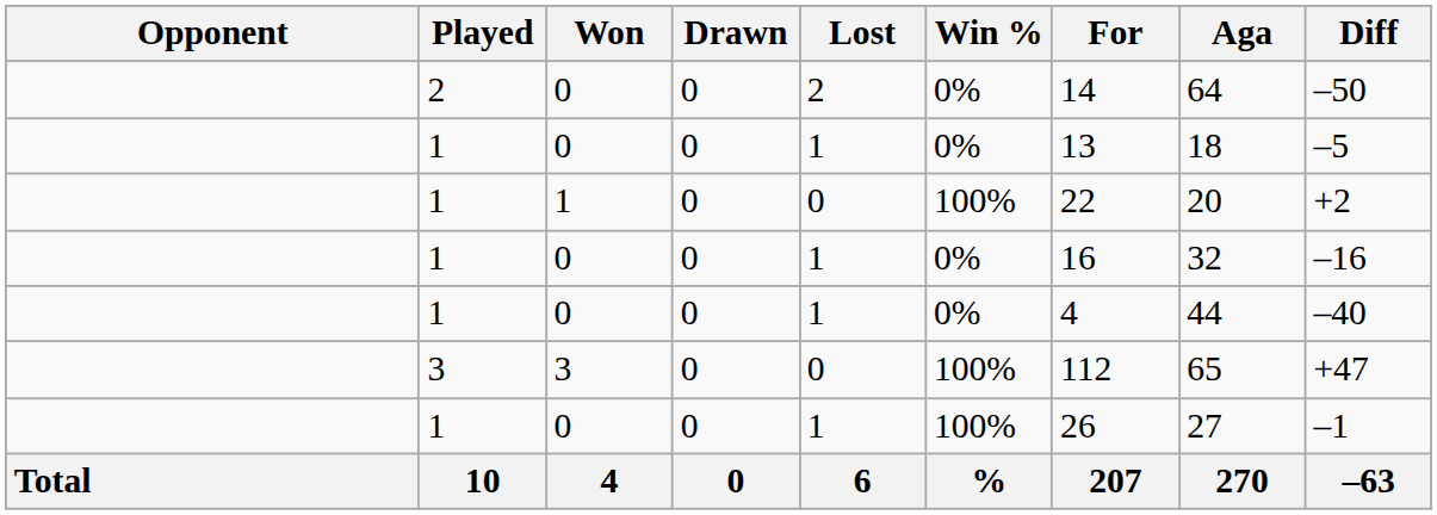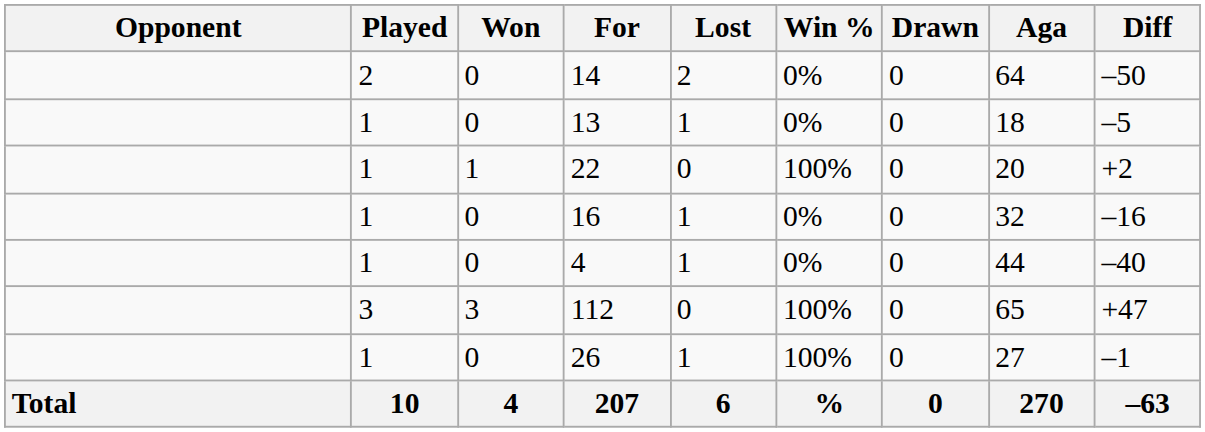 <table class="wikitable sortable" style="font-size:100%">
 <tr>
 <th style="width:180px;">Opponent</th>
 <th style="width:50px;">Played</th>
 <th style="width:50px;">Won</th>
-<th style="width:50px;">Drawn</th>
+<th style="width:50px;">For</th>
 <th style="width:50px;">Lost</th>
 <th style="width:50px;">Win %</th>
-<th style="width:50px;">For</th>
+<th style="width:50px;">Drawn</th>
 <th style="width:50px;">Aga</th>
 <th style="width:50px;">Diff</th>
 </tr>
 <tr>
 <td style="text-align:left;"></td>
 <td>2</td>
 <td>0</td>
-<td>0</td>
+<td>14</td>
 <td>2</td>
 <td>0%</td>
-<td>14</td>
+<td>0</td>
 <td>64</td>
 <td>–50</td>
 </tr>
 <tr>
 <td style="text-align:left;"></td>
 <td>1</td>
 <td>0</td>
-<td>0</td>
+<td>13</td>
 <td>1</td>
 <td>0%</td>
-<td>13</td>
+<td>0</td>
 <td>18</td>
 <td>–5</td>
 </tr>
 <tr>
 <td style="text-align:left;"></td>
 <td>1</td>
 <td>1</td>
-<td>0</td>
+<td>22</td>
 <td>0</td>
 <td>100%</td>
-<td>22</td>
+<td>0</td>
 <td>20</td>
 <td>+2</td>
 </tr>
 <tr>
 <td style="text-align:left;"></td>
 <td>1</td>
 <td>0</td>
-<td>0</td>
+<td>16</td>
 <td>1</td>
 <td>0%</td>
-<td>16</td>
+<td>0</td>
 <td>32</td>
 <td>–16</td>
 </tr>
 <tr>
 <td style="text-align:left;"></td>
 <td>1</td>
 <td>0</td>
-<td>0</td>
+<td>4</td>
 <td>1</td>
 <td>0%</td>
-<td>4</td>
+<td>0</td>
 <td>44</td>
 <td>–40</td>
 </tr>
 <tr>
 <td style="text-align:left;"></td>
 <td>3</td>
 <td>3</td>
-<td>0</td>
+<td>112</td>
 <td>0</td>
 <td>100%</td>
-<td>112</td>
+<td>0</td>
 <td>65</td>
 <td>+47</td>
 </tr>
 <tr>
 <td style="text-align:left;"></td>
 <td>1</td>
 <td>0</td>
-<td>0</td>
+<td>26</td>
 <td>1</td>
 <td>100%</td>
-<td>26</td>
+<td>0</td>
 <td>27</td>
 <td>–1</td>
 </tr>
 <tr>
 <th style="text-align:left;"><strong>Total</strong></th>
 <th><strong>10</strong></th>
 <th><strong>4</strong></th>
-<th><strong>0</strong></th>
+<th><strong>207</strong></th>
 <th><strong>6</strong></th>
 <th><strong>%</strong></th>
-<th><strong>207</strong></th>
+<th><strong>0</strong></th>
 <th><strong>270</strong></th>
 <th><strong>–63</strong></th>
 </tr>
 </table>
